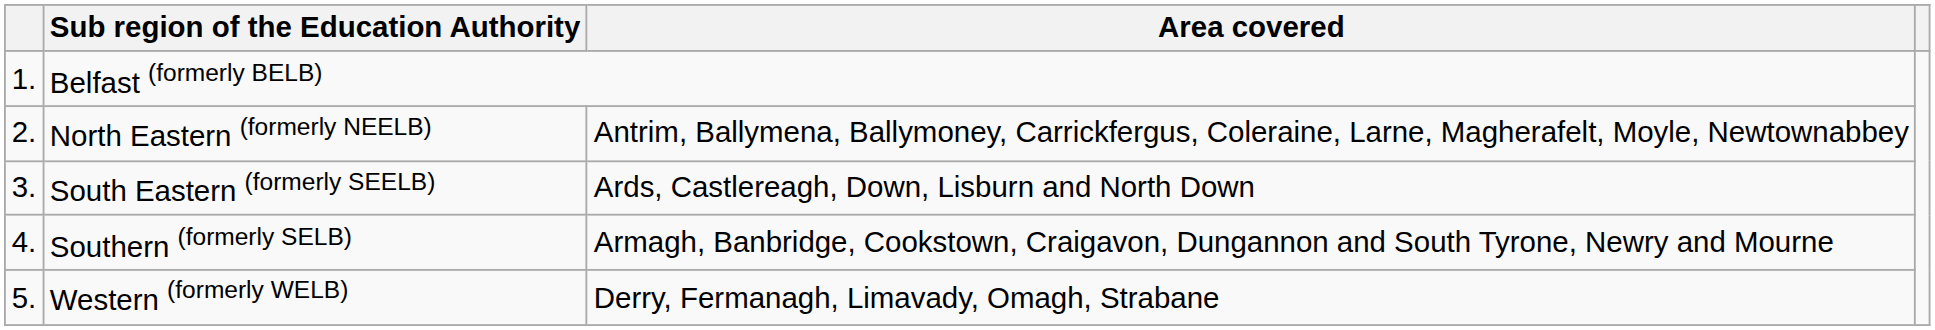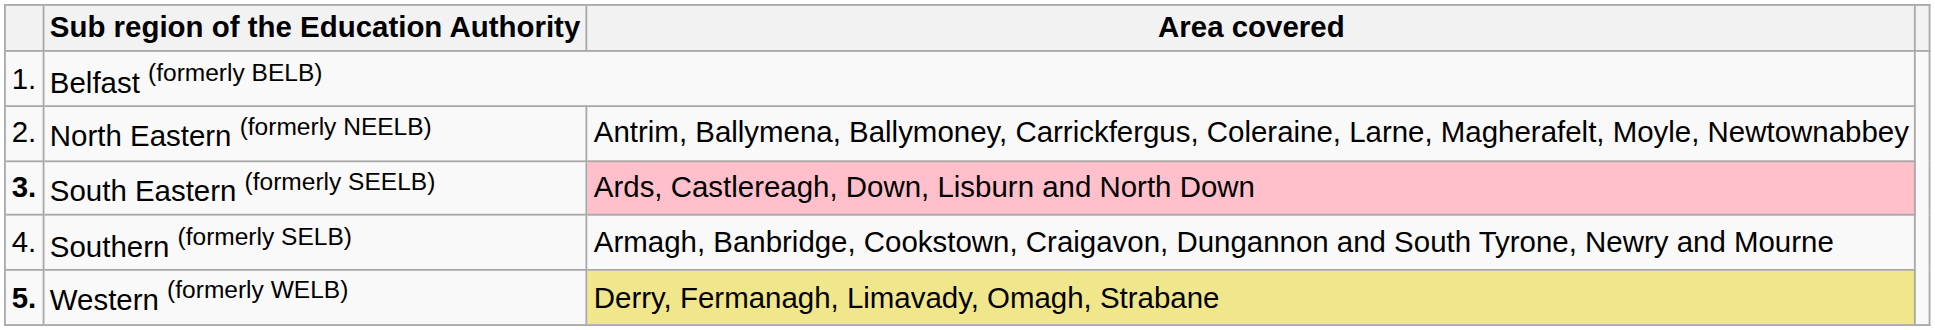 <table class="wikitable">
 <tr>
 <th></th>
 <th>Sub region of the Education Authority</th>
 <th>Area covered</th>
 <th></th>
 </tr>
 <tr>
 <td>1.</td>
 <td colspan=2>Belfast <sup>(formerly BELB)</sup></td>
 <td rowspan=5></td>
 </tr>
 <tr>
 <td>2.</td>
 <td>North Eastern <sup>(formerly NEELB)</sup></td>
 <td>Antrim, Ballymena, Ballymoney, Carrickfergus, Coleraine, Larne, Magherafelt, Moyle, Newtownabbey</td>
 </tr>
 <tr>
-<td>3.</td>
+<td><strong>3.</strong></td>
 <td>South Eastern <sup>(formerly SEELB)</sup></td>
-<td>Ards, Castlereagh, Down, Lisburn and North Down</td>
+<td style="background: pink;">Ards, Castlereagh, Down, Lisburn and North Down</td>
 </tr>
 <tr>
 <td>4.</td>
 <td>Southern <sup>(formerly SELB)</sup></td>
 <td>Armagh, Banbridge, Cookstown, Craigavon, Dungannon and South Tyrone, Newry and Mourne</td>
 </tr>
 <tr>
-<td>5.</td>
+<td><strong>5.</strong></td>
 <td>Western <sup>(formerly WELB)</sup></td>
-<td>Derry, Fermanagh, Limavady, Omagh, Strabane</td>
+<td style="background: khaki;">Derry, Fermanagh, Limavady, Omagh, Strabane</td>
 </tr>
 </table>
